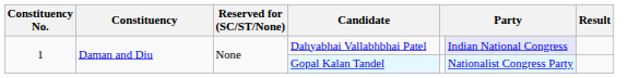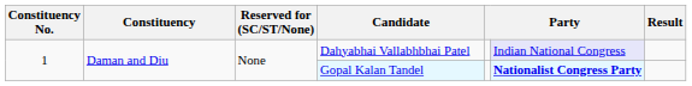 <table class= "wikitable sortable">
 <tr>
 <th>Constituency <br> No.</th>
 <th style="width:180px;">Constituency</th>
 <th>Reserved for<br>(SC/ST/None)</th>
 <th style="width:200px;">Candidate</th>
 <th colspan="2">Party</th>
 <th>Result</th>
 </tr>
 <tr>
 <td rowspan="2" align="center">1</td>
 <td rowspan="2"><a href='#'>Daman and Diu</a></td>
 <td rowspan="2">None</td>
 <td><a href='#'>Dahyabhai Vallabhbhai Patel</a></td>
 <td bgcolor=></td>
 <td style="background: lavender;"><a href='#'>Indian National Congress</a></td>
 <td></td>
 </tr>
 <tr>
 <td style="background:#E5F8FF"><a href='#'>Gopal Kalan Tandel</a></td>
 <td bgcolor=></td>
-<td style="background:#E5F8FF"><a href='#'>Nationalist Congress Party</a></td>
+<td style="background:#E5F8FF"><strong><a href='#'>Nationalist Congress Party</a></strong></td>
 <td></td>
 </tr>
 </table>
